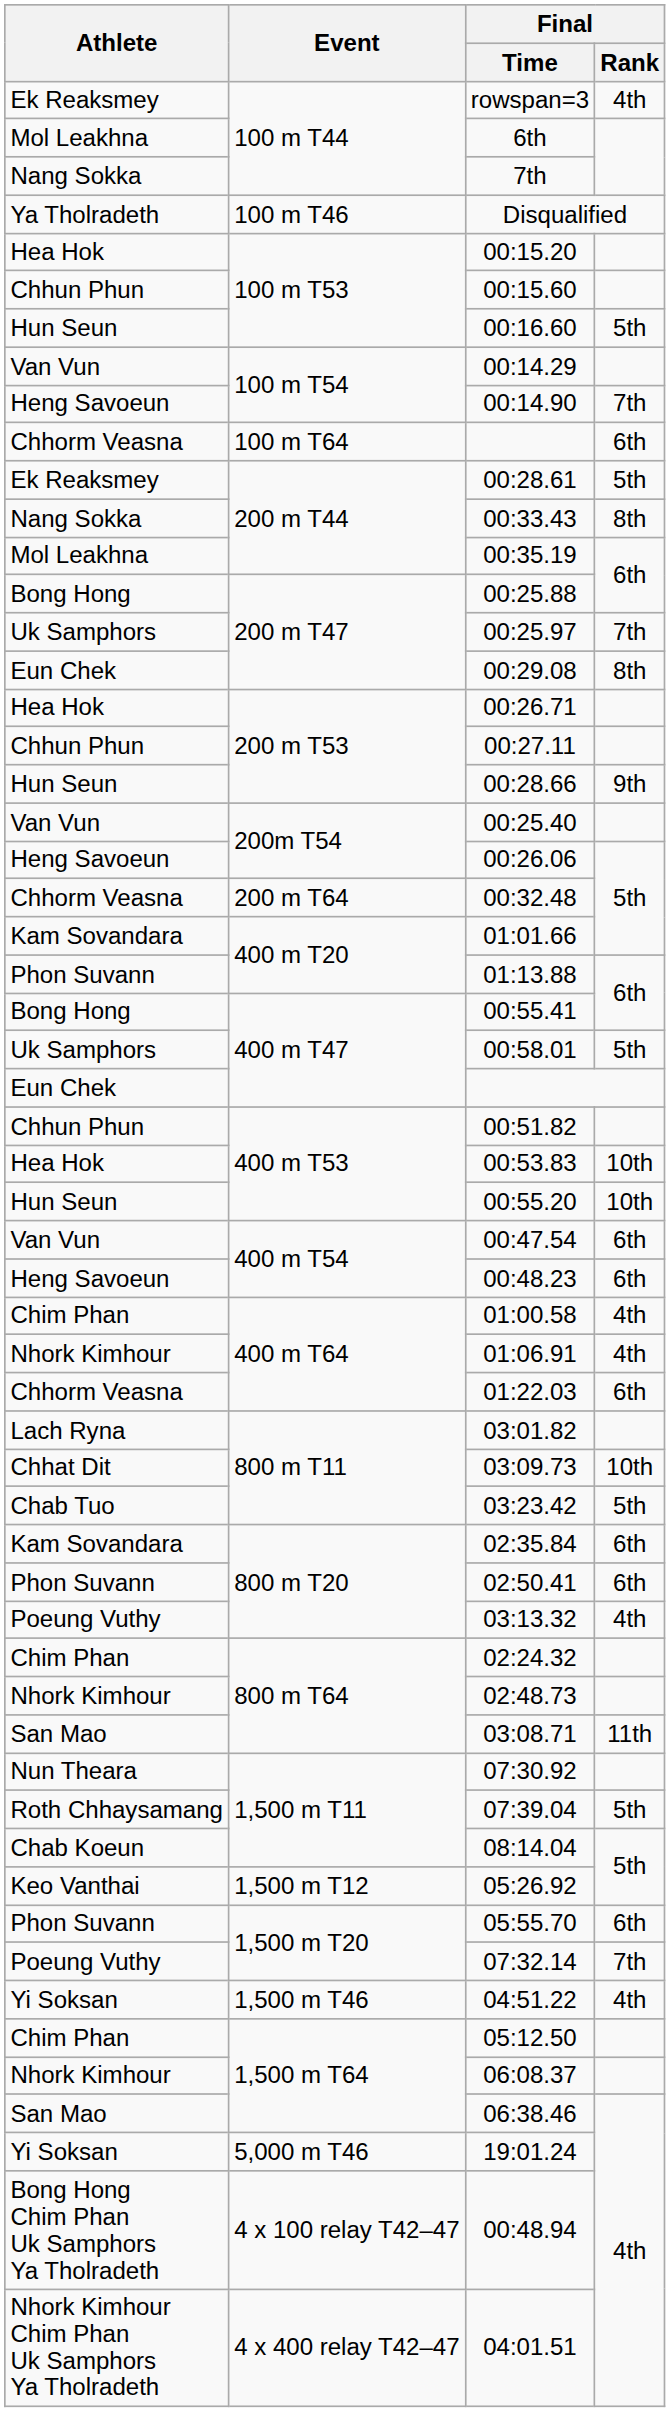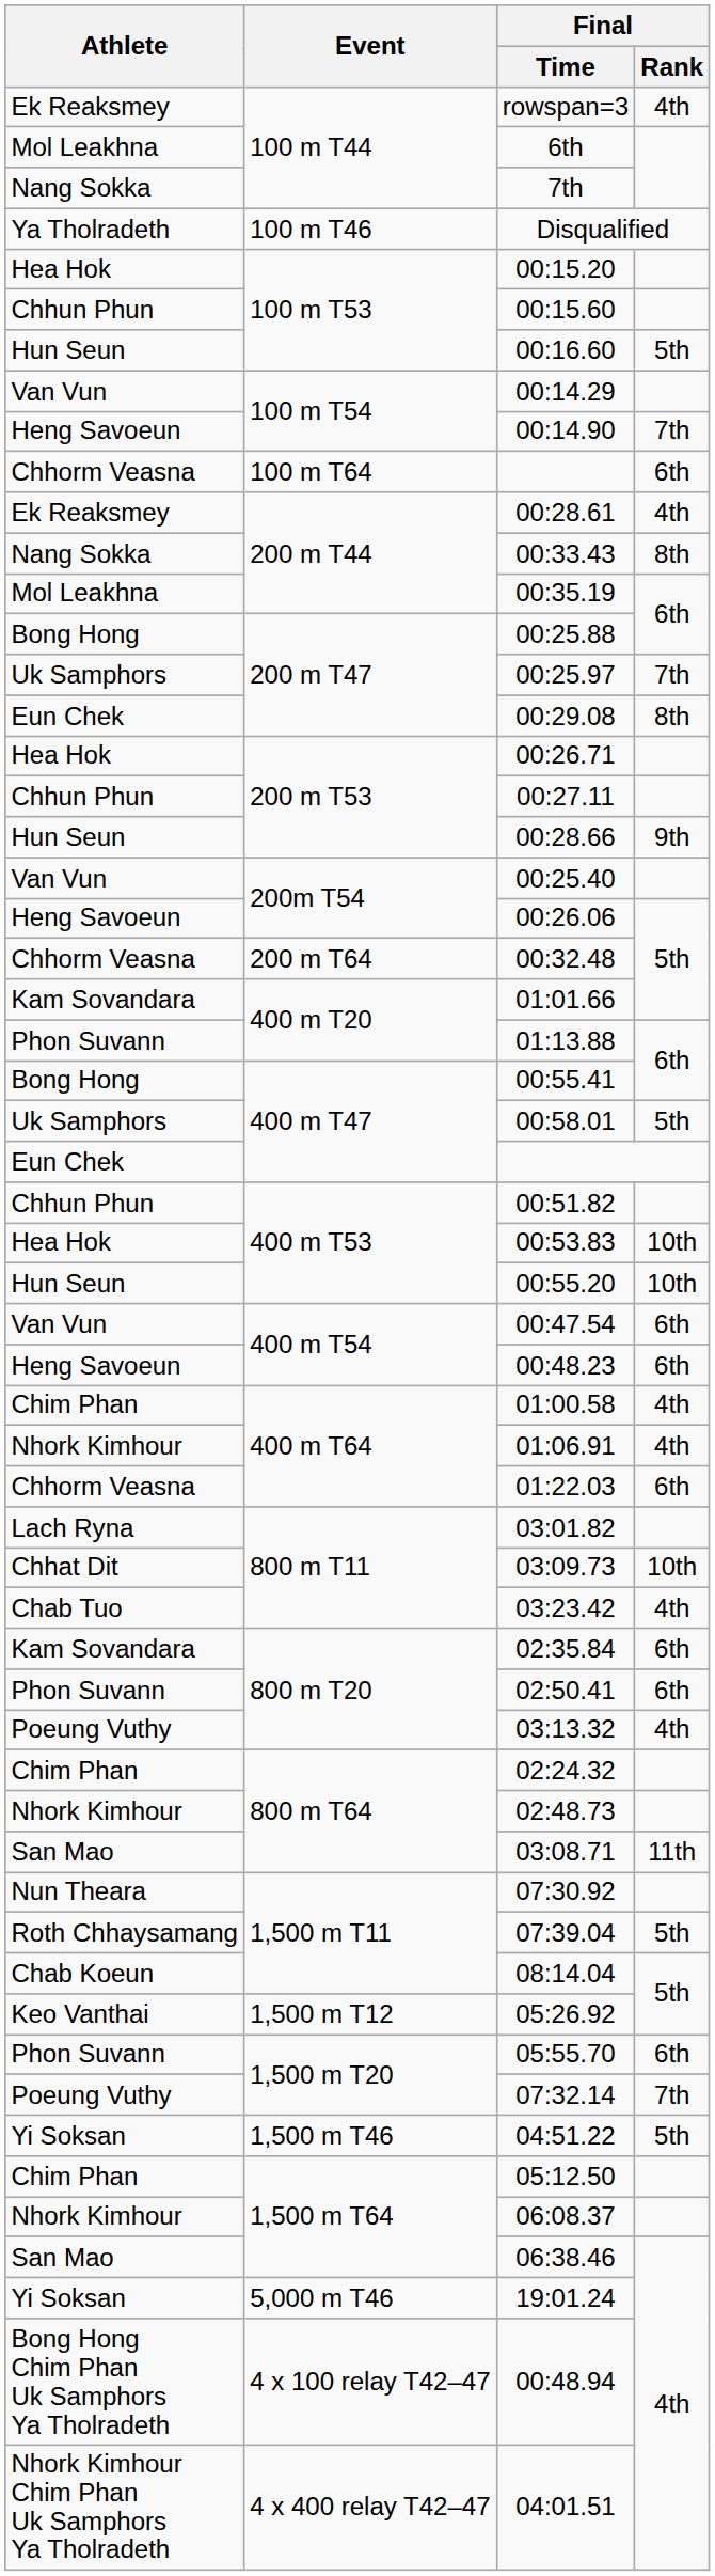 <table class="wikitable" style="font-size:90%">
 <tr>
 <th rowspan=2>Athlete</th>
 <th rowspan=2>Event</th>
 <th colspan=2>Final</th>
 </tr>
 <tr>
 <th>Time</th>
 <th>Rank</th>
 </tr>
 <tr style="text-align:center">
 <td style="text-align:left">Ek Reaksmey</td>
 <td style="text-align:left" rowspan=3>100 m T44</td>
 <td>rowspan=3 </td>
 <td>4th</td>
 </tr>
 <tr style="text-align:center">
 <td style="text-align:left">Mol Leakhna</td>
 <td>6th</td>
 </tr>
 <tr style="text-align:center">
 <td style="text-align:left">Nang Sokka</td>
 <td>7th</td>
 </tr>
 <tr style="text-align:center">
 <td style="text-align:left">Ya Tholradeth</td>
 <td style="text-align:left">100 m T46</td>
 <td colspan=2>Disqualified</td>
 </tr>
 <tr style="text-align:center">
 <td style="text-align:left">Hea Hok</td>
 <td style="text-align:left" rowspan=3>100 m T53</td>
 <td>00:15.20</td>
 <td></td>
 </tr>
 <tr style="text-align:center">
 <td style="text-align:left">Chhun Phun</td>
 <td>00:15.60</td>
 <td></td>
 </tr>
 <tr style="text-align:center">
 <td style="text-align:left">Hun Seun</td>
 <td>00:16.60</td>
 <td>5th</td>
 </tr>
 <tr style="text-align:center">
 <td style="text-align:left">Van Vun</td>
 <td style="text-align:left" rowspan=2>100 m T54</td>
 <td>00:14.29</td>
 <td></td>
 </tr>
 <tr style="text-align:center">
 <td style="text-align:left">Heng Savoeun</td>
 <td>00:14.90</td>
 <td>7th</td>
 </tr>
 <tr style="text-align:center">
 <td style="text-align:left">Chhorm Veasna</td>
 <td style="text-align:left">100 m T64</td>
 <td></td>
 <td>6th</td>
 </tr>
 <tr style="text-align:center">
 <td style="text-align:left">Ek Reaksmey</td>
 <td style="text-align:left" rowspan=3>200 m T44</td>
 <td>00:28.61</td>
-<td>5th</td>
+<td>4th</td>
 </tr>
 <tr style="text-align:center">
 <td style="text-align:left">Nang Sokka</td>
 <td>00:33.43</td>
 <td>8th</td>
 </tr>
 <tr style="text-align:center">
 <td style="text-align:left">Mol Leakhna</td>
 <td>00:35.19</td>
 <td rowspan=2>6th</td>
 </tr>
 <tr style="text-align:center">
 <td style="text-align:left">Bong Hong</td>
 <td style="text-align:left" rowspan=3>200 m T47</td>
 <td>00:25.88</td>
 </tr>
 <tr style="text-align:center">
 <td style="text-align:left">Uk Samphors</td>
 <td>00:25.97</td>
 <td>7th</td>
 </tr>
 <tr style="text-align:center">
 <td style="text-align:left">Eun Chek</td>
 <td>00:29.08</td>
 <td>8th</td>
 </tr>
 <tr style="text-align:center">
 <td style="text-align:left">Hea Hok</td>
 <td style="text-align:left" rowspan=3>200 m T53</td>
 <td>00:26.71</td>
 <td></td>
 </tr>
 <tr style="text-align:center">
 <td style="text-align:left">Chhun Phun</td>
 <td>00:27.11</td>
 <td></td>
 </tr>
 <tr style="text-align:center">
 <td style="text-align:left">Hun Seun</td>
 <td>00:28.66</td>
 <td>9th</td>
 </tr>
 <tr style="text-align:center">
 <td style="text-align:left">Van Vun</td>
 <td style="text-align:left" rowspan=2>200m T54</td>
 <td>00:25.40</td>
 <td></td>
 </tr>
 <tr style="text-align:center">
 <td style="text-align:left">Heng Savoeun</td>
 <td>00:26.06</td>
 <td rowspan=3>5th</td>
 </tr>
 <tr style="text-align:center">
 <td style="text-align:left">Chhorm Veasna</td>
 <td style="text-align:left">200 m T64</td>
 <td>00:32.48</td>
 </tr>
 <tr style="text-align:center">
 <td style="text-align:left">Kam Sovandara</td>
 <td style="text-align:left" rowspan=2>400 m T20</td>
 <td>01:01.66</td>
 </tr>
 <tr style="text-align:center">
 <td style="text-align:left">Phon Suvann</td>
 <td>01:13.88</td>
 <td rowspan=2>6th</td>
 </tr>
 <tr style="text-align:center">
 <td style="text-align:left">Bong Hong</td>
 <td style="text-align:left" rowspan=3>400 m T47</td>
 <td>00:55.41</td>
 </tr>
 <tr style="text-align:center">
 <td style="text-align:left">Uk Samphors</td>
 <td>00:58.01</td>
 <td>5th</td>
 </tr>
 <tr style="text-align:center">
 <td style="text-align:left">Eun Chek</td>
 <td colspan=2></td>
 </tr>
 <tr style="text-align:center">
 <td style="text-align:left">Chhun Phun</td>
 <td style="text-align:left" rowspan=3>400 m T53</td>
 <td>00:51.82</td>
 <td></td>
 </tr>
 <tr style="text-align:center">
 <td style="text-align:left">Hea Hok</td>
 <td>00:53.83</td>
 <td>10th</td>
 </tr>
 <tr style="text-align:center">
 <td style="text-align:left">Hun Seun</td>
 <td>00:55.20</td>
 <td>10th</td>
 </tr>
 <tr style="text-align:center">
 <td style="text-align:left">Van Vun</td>
 <td style="text-align:left" rowspan=2>400 m T54</td>
 <td>00:47.54</td>
 <td>6th</td>
 </tr>
 <tr style="text-align:center">
 <td style="text-align:left">Heng Savoeun</td>
 <td>00:48.23</td>
 <td>6th</td>
 </tr>
 <tr style="text-align:center">
 <td style="text-align:left">Chim Phan</td>
 <td style="text-align:left" rowspan=3>400 m T64</td>
 <td>01:00.58</td>
 <td>4th</td>
 </tr>
 <tr style="text-align:center">
 <td style="text-align:left">Nhork Kimhour</td>
 <td>01:06.91</td>
 <td>4th</td>
 </tr>
 <tr style="text-align:center">
 <td style="text-align:left">Chhorm Veasna</td>
 <td>01:22.03</td>
 <td>6th</td>
 </tr>
 <tr style="text-align:center">
 <td style="text-align:left">Lach Ryna</td>
 <td style="text-align:left" rowspan=3>800 m T11</td>
 <td>03:01.82</td>
 <td></td>
 </tr>
 <tr style="text-align:center">
 <td style="text-align:left">Chhat Dit</td>
 <td>03:09.73</td>
 <td>10th</td>
 </tr>
 <tr style="text-align:center">
 <td style="text-align:left">Chab Tuo</td>
 <td>03:23.42</td>
-<td>5th</td>
+<td>4th</td>
 </tr>
 <tr style="text-align:center">
 <td style="text-align:left">Kam Sovandara</td>
 <td style="text-align:left" rowspan=3>800 m T20</td>
 <td>02:35.84</td>
 <td>6th</td>
 </tr>
 <tr style="text-align:center">
 <td style="text-align:left">Phon Suvann</td>
 <td>02:50.41</td>
 <td>6th</td>
 </tr>
 <tr style="text-align:center">
 <td style="text-align:left">Poeung Vuthy</td>
 <td>03:13.32</td>
 <td>4th</td>
 </tr>
 <tr style="text-align:center">
 <td style="text-align:left">Chim Phan</td>
 <td style="text-align:left" rowspan=3>800 m T64</td>
 <td>02:24.32</td>
 <td></td>
 </tr>
 <tr style="text-align:center">
 <td style="text-align:left">Nhork Kimhour</td>
 <td>02:48.73</td>
 <td></td>
 </tr>
 <tr style="text-align:center">
 <td style="text-align:left">San Mao</td>
 <td>03:08.71</td>
 <td>11th</td>
 </tr>
 <tr style="text-align:center">
 <td style="text-align:left">Nun Theara</td>
 <td style="text-align:left" rowspan=3>1,500 m T11</td>
 <td>07:30.92</td>
 <td></td>
 </tr>
 <tr style="text-align:center">
 <td style="text-align:left">Roth Chhaysamang</td>
 <td>07:39.04</td>
 <td>5th</td>
 </tr>
 <tr style="text-align:center">
 <td style="text-align:left">Chab Koeun</td>
 <td>08:14.04</td>
 <td rowspan=2>5th</td>
 </tr>
 <tr style="text-align:center">
 <td style="text-align:left">Keo Vanthai</td>
 <td style="text-align:left">1,500 m T12</td>
 <td>05:26.92</td>
 </tr>
 <tr style="text-align:center">
 <td style="text-align:left">Phon Suvann</td>
 <td style="text-align:left" rowspan=2>1,500 m T20</td>
 <td>05:55.70</td>
 <td>6th</td>
 </tr>
 <tr style="text-align:center">
 <td style="text-align:left">Poeung Vuthy</td>
 <td>07:32.14</td>
 <td>7th</td>
 </tr>
 <tr style="text-align:center">
 <td style="text-align:left">Yi Soksan</td>
 <td style="text-align:left">1,500 m T46</td>
 <td>04:51.22</td>
-<td>4th</td>
+<td>5th</td>
 </tr>
 <tr style="text-align:center">
 <td style="text-align:left">Chim Phan</td>
 <td style="text-align:left" rowspan=3>1,500 m T64</td>
 <td>05:12.50</td>
 <td></td>
 </tr>
 <tr style="text-align:center">
 <td style="text-align:left">Nhork Kimhour</td>
 <td>06:08.37</td>
 <td></td>
 </tr>
 <tr style="text-align:center">
 <td style="text-align:left">San Mao</td>
 <td>06:38.46</td>
 <td rowspan=4>4th</td>
 </tr>
 <tr style="text-align:center">
 <td style="text-align:left">Yi Soksan</td>
 <td style="text-align:left">5,000 m T46</td>
 <td>19:01.24</td>
 </tr>
 <tr style="text-align:center">
 <td style="text-align:left">Bong Hong<br>Chim Phan<br>Uk Samphors<br>Ya Tholradeth</td>
 <td style="text-align:left">4 x 100 relay T42–47</td>
 <td>00:48.94</td>
 </tr>
 <tr style="text-align:center">
 <td style="text-align:left">Nhork Kimhour<br>Chim Phan<br>Uk Samphors<br>Ya Tholradeth</td>
 <td style="text-align:left">4 x 400 relay T42–47</td>
 <td>04:01.51</td>
 </tr>
 </table>
